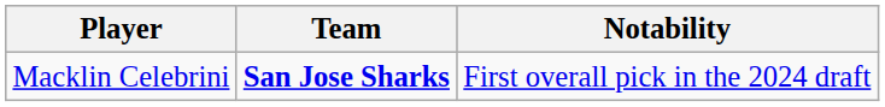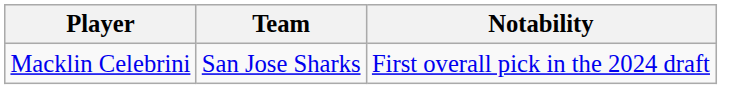 <table class="wikitable">
 <tr>
 <th>Player</th>
 <th>Team</th>
 <th>Notability</th>
 </tr>
 <tr>
 <td><a href='#'>Macklin Celebrini</a></td>
-<td><strong><a href='#'>San Jose Sharks</a></strong></td>
+<td><a href='#'>San Jose Sharks</a></td>
 <td><a href='#'>First overall pick in the 2024 draft</a></td>
 </tr>
 </table>
